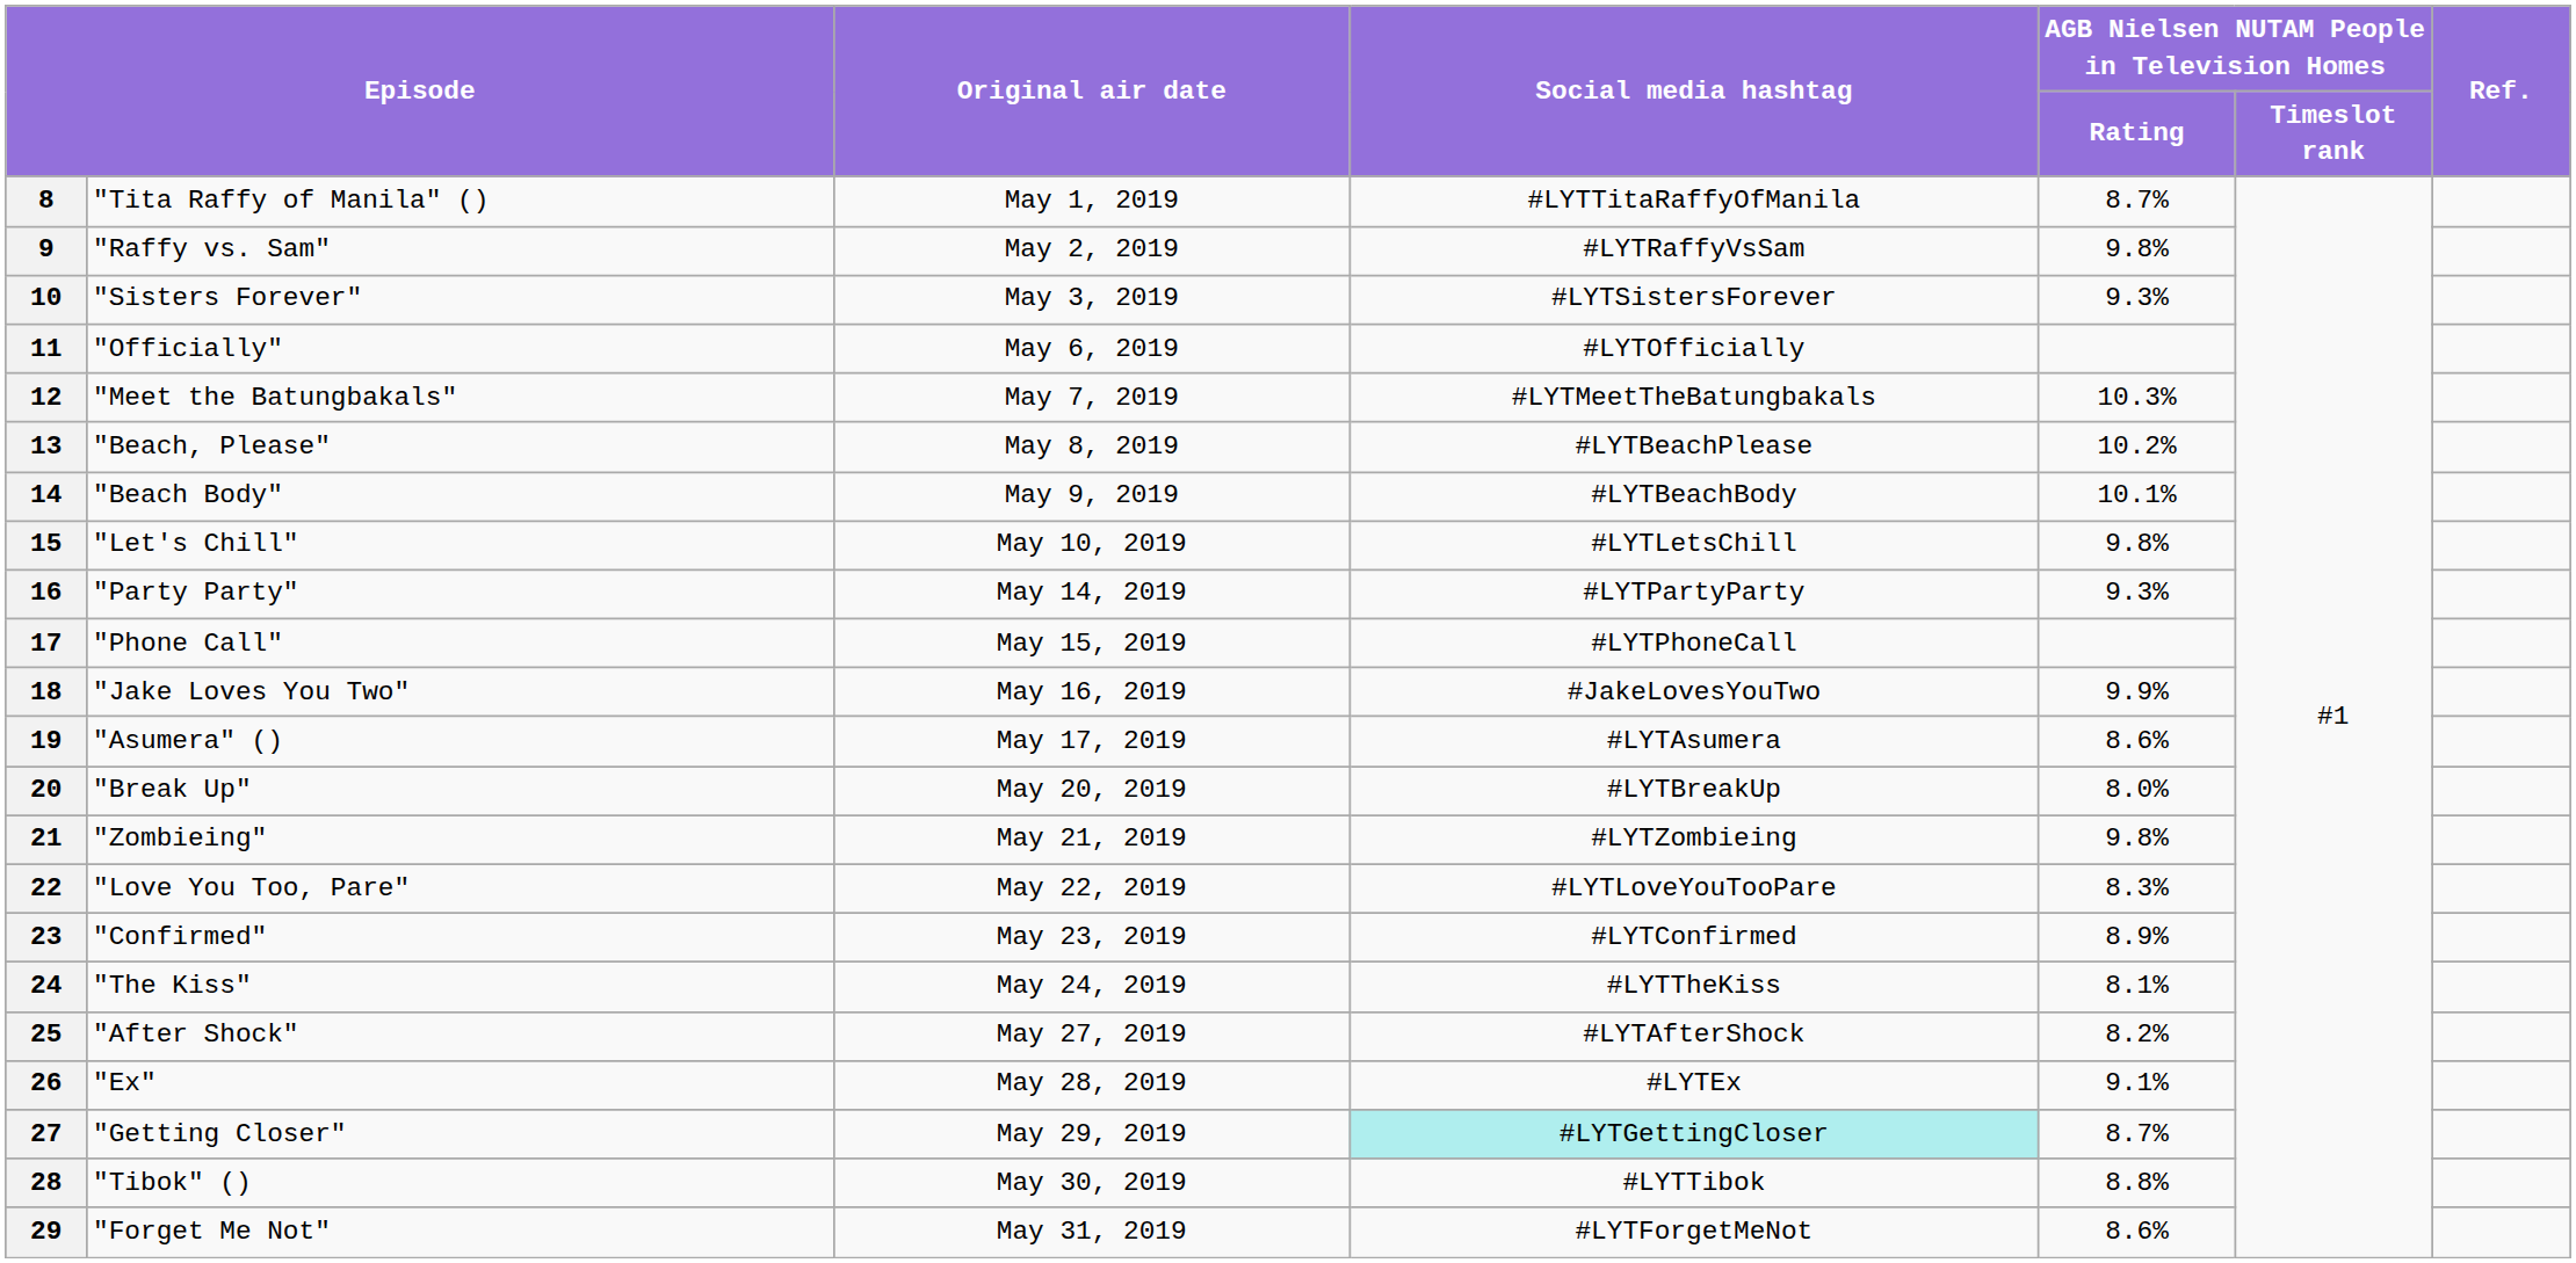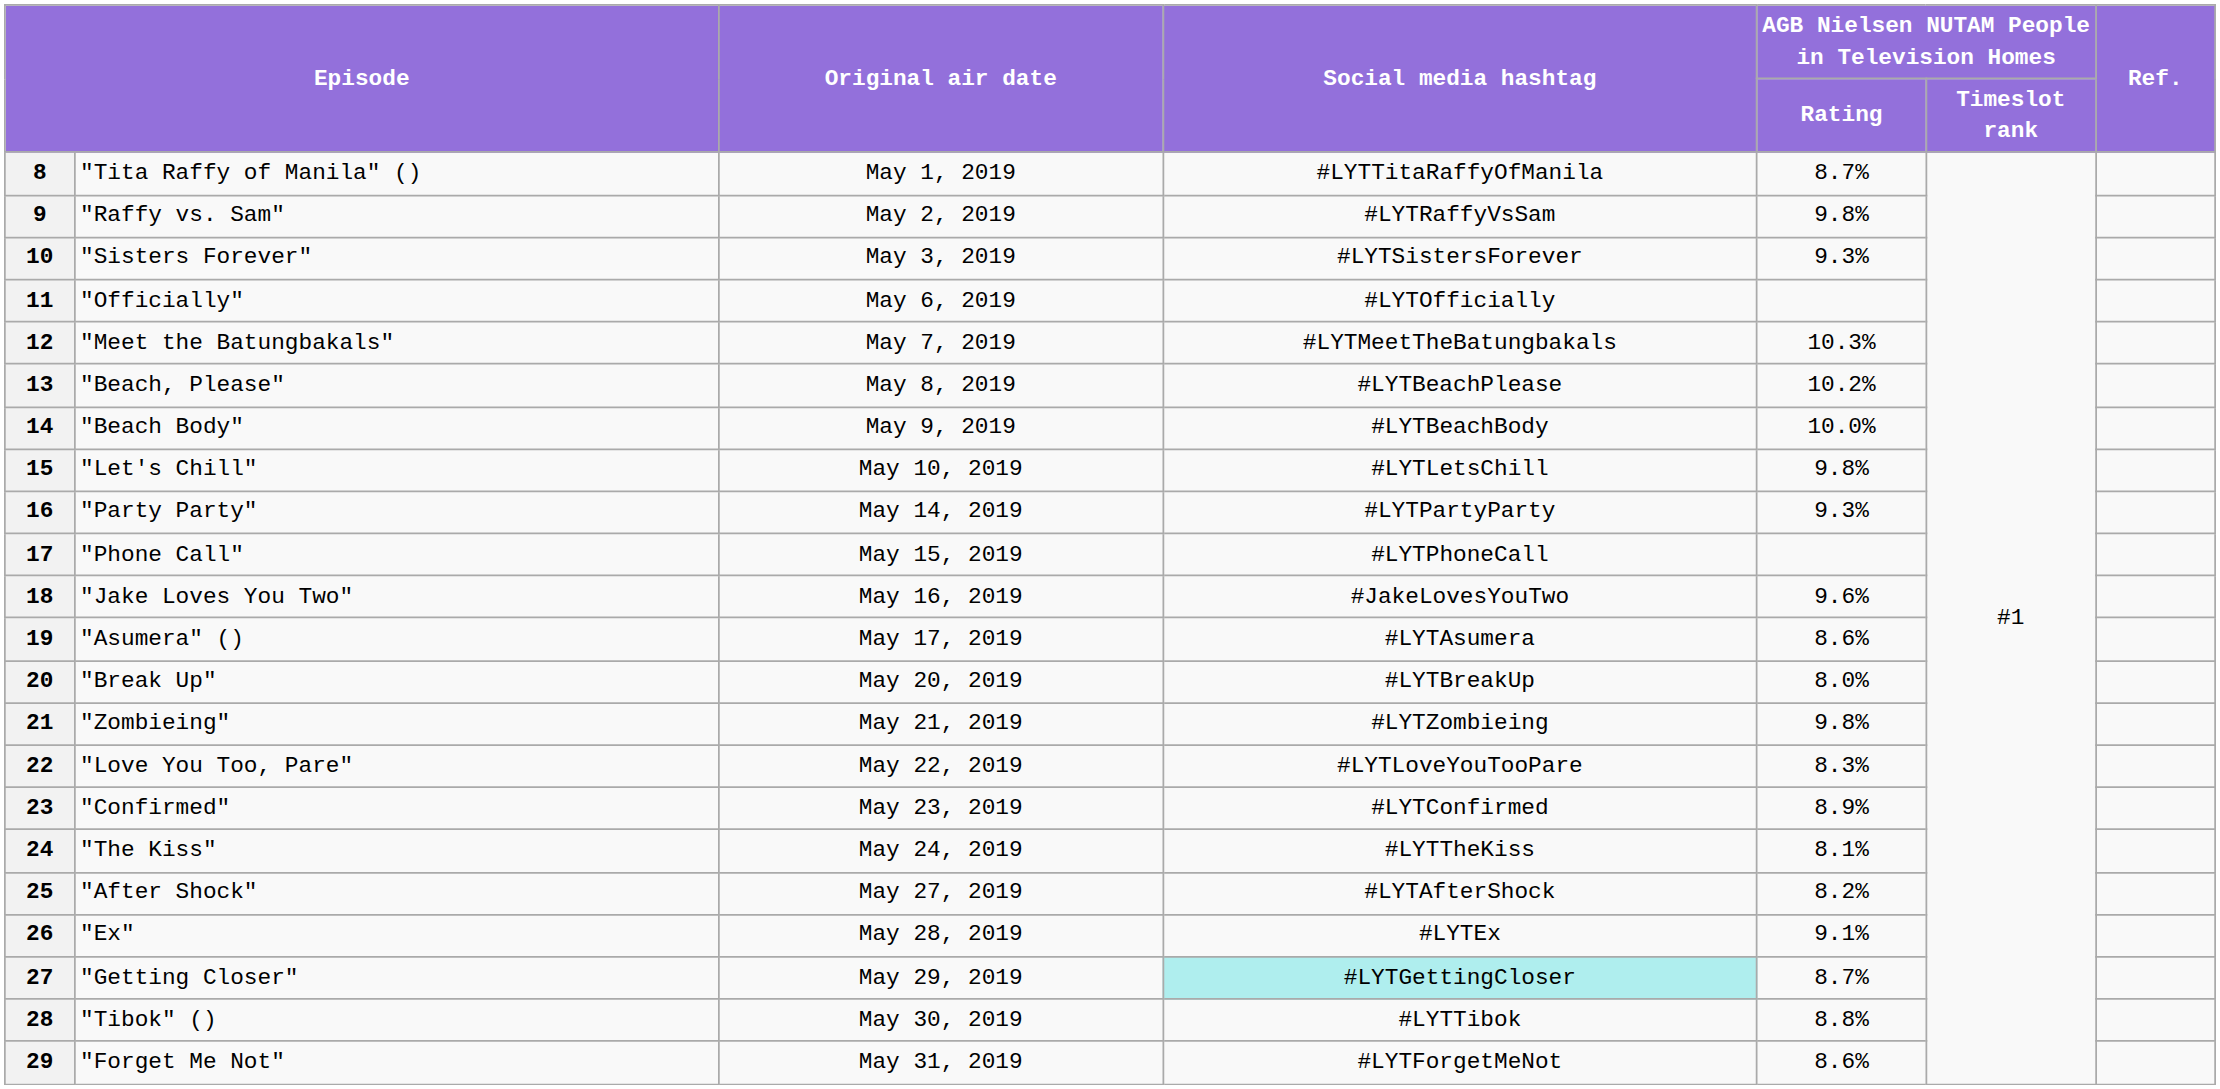 <table class="wikitable" style="text-align:center; font-size:100%; line-height:18px;" width="100%">
 <tr>
 <th style="background-color:#9370DB; color:#ffffff;" colspan="2" rowspan="2">Episode</th>
 <th style="background-color:#9370DB; color:white" rowspan="2">Original air date</th>
 <th style="background-color:#9370DB; color:white" rowspan="2">Social media hashtag</th>
 <th style="background-color:#9370DB; color:#ffffff;" colspan="2">AGB Nielsen NUTAM People in Television Homes</th>
 <th style="background-color:#9370DB; color:#ffffff;" rowspan="2">Ref.</th>
 </tr>
 <tr>
 <th style="background-color:#9370DB; width:75px; color:#ffffff;">Rating</th>
 <th style="background-color:#9370DB; width:75px; color:#ffffff;">Timeslot<br>rank</th>
 </tr>
 <tr>
 <th>8</th>
 <td style="text-align: left;">"Tita Raffy of Manila" ()</td>
 <td>May 1, 2019</td>
 <td>#LYTTitaRaffyOfManila</td>
 <td>8.7%</td>
 <td rowspan="23">#1</td>
 <td></td>
 </tr>
 <tr>
 <th>9</th>
 <td style="text-align: left;">"Raffy vs. Sam"</td>
 <td>May 2, 2019</td>
 <td>#LYTRaffyVsSam</td>
 <td>9.8%</td>
 <td></td>
 </tr>
 <tr>
 <th>10</th>
 <td style="text-align: left;">"Sisters Forever"</td>
 <td>May 3, 2019</td>
 <td>#LYTSistersForever</td>
 <td>9.3%</td>
 <td></td>
 </tr>
 <tr>
 <th>11</th>
 <td style="text-align: left;">"Officially"</td>
 <td>May 6, 2019</td>
 <td>#LYTOfficially</td>
 <td></td>
 <td></td>
 </tr>
 <tr>
 <th>12</th>
 <td style="text-align: left;">"Meet the Batungbakals"</td>
 <td>May 7, 2019</td>
 <td>#LYTMeetTheBatungbakals</td>
 <td>10.3%</td>
 <td></td>
 </tr>
 <tr>
 <th>13</th>
 <td style="text-align: left;">"Beach, Please"</td>
 <td>May 8, 2019</td>
 <td>#LYTBeachPlease</td>
 <td>10.2%</td>
 <td></td>
 </tr>
 <tr>
 <th>14</th>
 <td style="text-align: left;">"Beach Body"</td>
 <td>May 9, 2019</td>
 <td>#LYTBeachBody</td>
-<td>10.1%</td>
+<td>10.0%</td>
 <td></td>
 </tr>
 <tr>
 <th>15</th>
 <td style="text-align: left;">"Let's Chill"</td>
 <td>May 10, 2019</td>
 <td>#LYTLetsChill</td>
 <td>9.8%</td>
 <td></td>
 </tr>
 <tr>
 <th>16</th>
 <td style="text-align: left;">"Party Party"</td>
 <td>May 14, 2019</td>
 <td>#LYTPartyParty</td>
 <td>9.3%</td>
 <td></td>
 </tr>
 <tr>
 <th>17</th>
 <td style="text-align: left;">"Phone Call"</td>
 <td>May 15, 2019</td>
 <td>#LYTPhoneCall</td>
 <td></td>
 <td></td>
 </tr>
 <tr>
 <th>18</th>
 <td style="text-align: left;">"Jake Loves You Two"</td>
 <td>May 16, 2019</td>
 <td>#JakeLovesYouTwo</td>
-<td>9.9%</td>
+<td>9.6%</td>
 <td></td>
 </tr>
 <tr>
 <th>19</th>
 <td style="text-align: left;">"Asumera" ()</td>
 <td>May 17, 2019</td>
 <td>#LYTAsumera</td>
 <td>8.6%</td>
 <td></td>
 </tr>
 <tr>
 <th>20</th>
 <td style="text-align: left;">"Break Up"</td>
 <td>May 20, 2019</td>
 <td>#LYTBreakUp</td>
 <td>8.0%</td>
 <td></td>
 </tr>
 <tr>
 <th>21</th>
 <td style="text-align: left;">"Zombieing"</td>
 <td>May 21, 2019</td>
 <td>#LYTZombieing</td>
 <td>9.8%</td>
 <td></td>
 </tr>
 <tr>
 <th>22</th>
 <td style="text-align: left;">"Love You Too, Pare"</td>
 <td>May 22, 2019</td>
 <td>#LYTLoveYouTooPare</td>
 <td>8.3%</td>
 <td></td>
 </tr>
 <tr>
 <th>23</th>
 <td style="text-align: left;">"Confirmed"</td>
 <td>May 23, 2019</td>
 <td>#LYTConfirmed</td>
 <td>8.9%</td>
 <td></td>
 </tr>
 <tr>
 <th>24</th>
 <td style="text-align: left;">"The Kiss"</td>
 <td>May 24, 2019</td>
 <td>#LYTTheKiss</td>
 <td>8.1%</td>
 <td></td>
 </tr>
 <tr>
 <th>25</th>
 <td style="text-align: left;">"After Shock"</td>
 <td>May 27, 2019</td>
 <td>#LYTAfterShock</td>
 <td>8.2%</td>
 <td></td>
 </tr>
 <tr>
 <th>26</th>
 <td style="text-align: left;">"Ex"</td>
 <td>May 28, 2019</td>
 <td>#LYTEx</td>
 <td>9.1%</td>
 <td></td>
 </tr>
 <tr>
 <th>27</th>
 <td style="text-align: left;">"Getting Closer"</td>
 <td>May 29, 2019</td>
 <td style="background: paleturquoise;">#LYTGettingCloser</td>
 <td>8.7%</td>
 <td></td>
 </tr>
 <tr>
 <th>28</th>
 <td style="text-align: left;">"Tibok" ()</td>
 <td>May 30, 2019</td>
 <td>#LYTTibok</td>
 <td>8.8%</td>
 <td></td>
 </tr>
 <tr>
 <th>29</th>
 <td style="text-align: left;">"Forget Me Not"</td>
 <td>May 31, 2019</td>
 <td>#LYTForgetMeNot</td>
 <td>8.6%</td>
 <td></td>
 </tr>
 </table>
